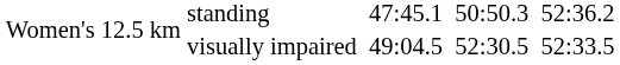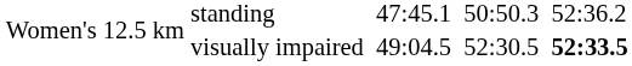 <table>
 <tr>
 <td rowspan="2">Women's 12.5 km</td>
 <td>standing</td>
 <td></td>
 <td>47:45.1</td>
 <td></td>
 <td>50:50.3</td>
 <td></td>
 <td>52:36.2</td>
 </tr>
 <tr>
 <td>visually impaired</td>
 <td></td>
 <td>49:04.5</td>
 <td></td>
 <td>52:30.5</td>
 <td></td>
-<td>52:33.5</td>
+<td><strong>52:33.5</strong></td>
 </tr>
 </table>
